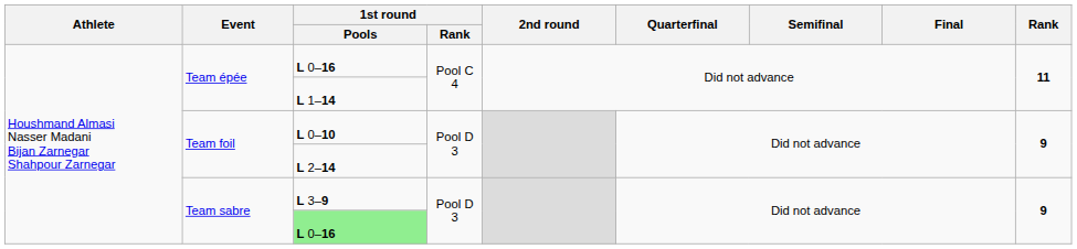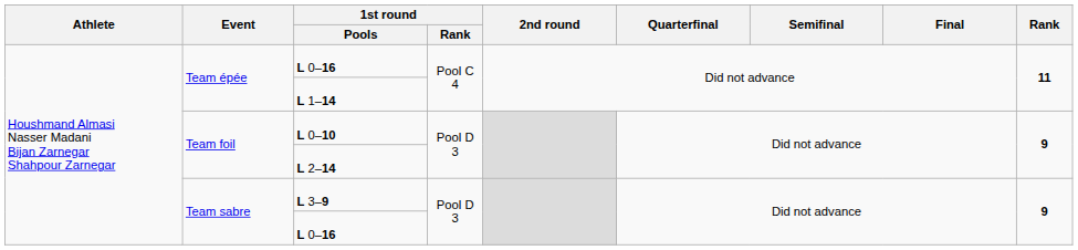 <table class="wikitable" width="98%" style="text-align:left; font-size:90%">
 <tr>
 <th rowspan="2" width="16%">Athlete</th>
 <th rowspan="2" width="10%">Event</th>
 <th colspan="2">1st round</th>
 <th rowspan="2" width="12%">2nd round</th>
 <th rowspan="2" width="12%">Quarterfinal</th>
 <th rowspan="2" width="12%">Semifinal</th>
 <th rowspan="2" width="12%">Final</th>
 <th rowspan="2" width="5%">Rank</th>
 </tr>
 <tr>
 <th width="12%">Pools</th>
 <th width="5%">Rank</th>
 </tr>
 <tr>
 <td rowspan="6"><a href='#'>Houshmand Almasi</a><br>Nasser Madani<br><a href='#'>Bijan Zarnegar</a><br><a href='#'>Shahpour Zarnegar</a></td>
 <td rowspan="2"><a href='#'>Team épée</a></td>
 <td><br><strong>L</strong> 0–<strong>16</strong></td>
 <td rowspan="2" align=center>Pool C<br>4</td>
 <td rowspan="2" colspan=4 align=center>Did not advance</td>
 <td rowspan="2" align="center"><strong>11</strong></td>
 </tr>
 <tr>
 <td><br><strong>L</strong> 1–<strong>14</strong></td>
 </tr>
 <tr>
 <td rowspan="2"><a href='#'>Team foil</a></td>
 <td><br><strong>L</strong> 0–<strong>10</strong></td>
 <td rowspan="2" align=center>Pool D<br>3</td>
 <td rowspan="2" bgcolor=#DCDCDC></td>
 <td rowspan="2" colspan=3 align=center>Did not advance</td>
 <td rowspan="2" align="center"><strong>9</strong></td>
 </tr>
 <tr>
 <td><br><strong>L</strong> 2–<strong>14</strong></td>
 </tr>
 <tr>
 <td rowspan="2"><a href='#'>Team sabre</a></td>
 <td><br><strong>L</strong> 3–<strong>9</strong></td>
 <td rowspan="2" align=center>Pool D<br>3</td>
 <td rowspan="2" bgcolor=#DCDCDC></td>
 <td rowspan="2" colspan=3 align=center>Did not advance</td>
 <td rowspan="2" align="center"><strong>9</strong></td>
 </tr>
 <tr>
-<td style="background: lightgreen;"><br><strong>L</strong> 0–<strong>16</strong></td>
+<td><br><strong>L</strong> 0–<strong>16</strong></td>
 </tr>
 </table>
